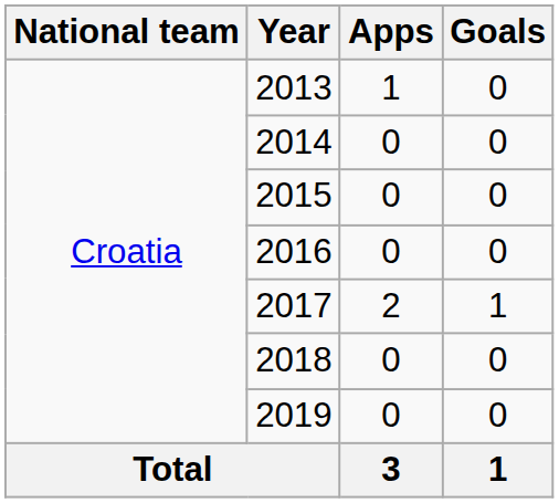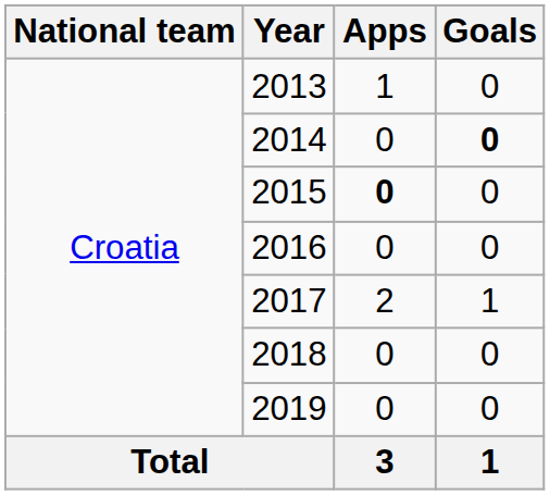 <table class="wikitable" style="text-align:center">
 <tr>
 <th>National team</th>
 <th>Year</th>
 <th>Apps</th>
 <th>Goals</th>
 </tr>
 <tr>
 <td rowspan="7"><a href='#'>Croatia</a></td>
 <td>2013</td>
 <td>1</td>
 <td>0</td>
 </tr>
 <tr>
 <td>2014</td>
 <td>0</td>
-<td>0</td>
+<td><strong>0</strong></td>
 </tr>
 <tr>
 <td>2015</td>
-<td>0</td>
+<td><strong>0</strong></td>
 <td>0</td>
 </tr>
 <tr>
 <td>2016</td>
 <td>0</td>
 <td>0</td>
 </tr>
 <tr>
 <td>2017</td>
 <td>2</td>
 <td>1</td>
 </tr>
 <tr>
 <td>2018</td>
 <td>0</td>
 <td>0</td>
 </tr>
 <tr>
 <td>2019</td>
 <td>0</td>
 <td>0</td>
 </tr>
 <tr>
 <th colspan="2">Total</th>
 <th>3</th>
 <th>1</th>
 </tr>
 </table>
